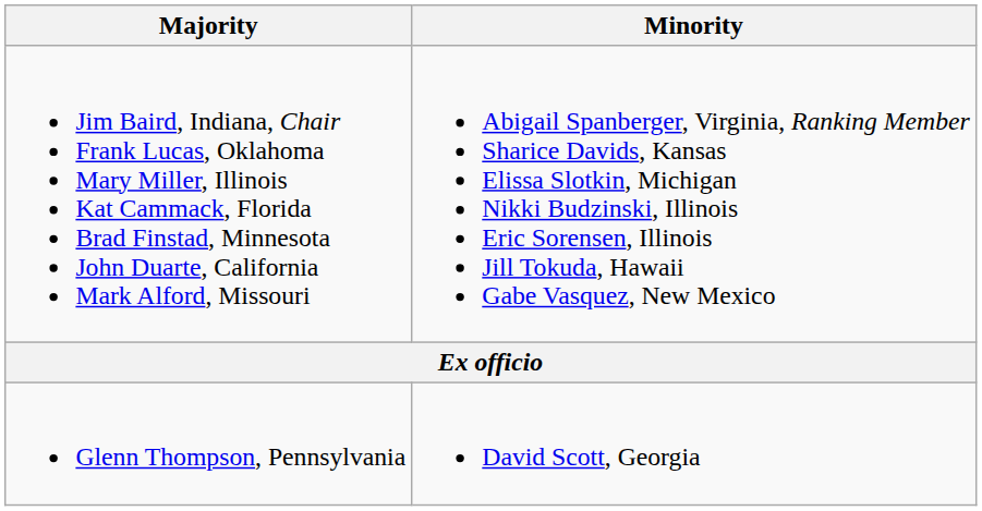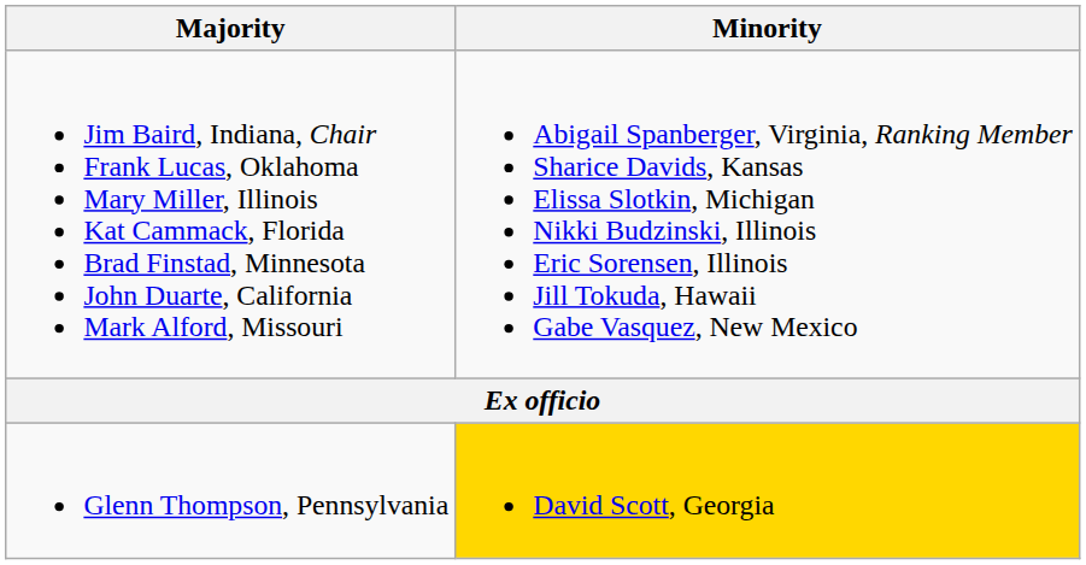 <table class=wikitable>
 <tr>
 <th>Majority</th>
 <th>Minority</th>
 </tr>
 <tr>
 <td><br><ul><li><a href='#'>Jim Baird</a>, Indiana, <em>Chair</em></li><li><a href='#'>Frank Lucas</a>, Oklahoma</li><li><a href='#'>Mary Miller</a>, Illinois</li><li><a href='#'>Kat Cammack</a>, Florida</li><li><a href='#'>Brad Finstad</a>, Minnesota</li><li><a href='#'>John Duarte</a>, California</li><li><a href='#'>Mark Alford</a>, Missouri</li></ul></td>
 <td><br><ul><li><a href='#'>Abigail Spanberger</a>, Virginia, <em>Ranking Member</em></li><li><a href='#'>Sharice Davids</a>, Kansas</li><li><a href='#'>Elissa Slotkin</a>, Michigan</li><li><a href='#'>Nikki Budzinski</a>, Illinois</li><li><a href='#'>Eric Sorensen</a>, Illinois</li><li><a href='#'>Jill Tokuda</a>, Hawaii</li><li><a href='#'>Gabe Vasquez</a>, New Mexico</li></ul></td>
 </tr>
 <tr>
 <th colspan=2><em>Ex officio</em></th>
 </tr>
 <tr>
 <td><br><ul><li><a href='#'>Glenn Thompson</a>, Pennsylvania</li></ul></td>
-<td><br><ul><li><a href='#'>David Scott</a>, Georgia</li></ul></td>
+<td style="background: gold;"><br><ul><li><a href='#'>David Scott</a>, Georgia</li></ul></td>
 </tr>
 </table>
